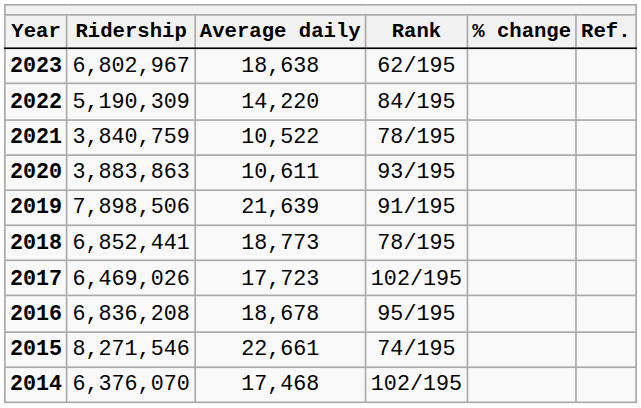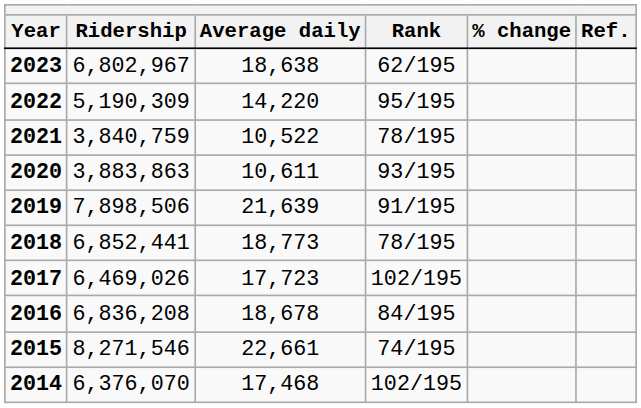 <table class="wikitable sortable" style="text-align:right;">
 <tr>
 <th colspan="6" style="background-color:#"></th>
 </tr>
 <tr style="font-size:95%; text-align:center">
 <th style="border-bottom:1px solid black">Year</th>
 <th style="border-bottom:1px solid black">Ridership</th>
 <th style="border-bottom:1px solid black">Average daily</th>
 <th style="border-bottom:1px solid black">Rank</th>
 <th style="border-bottom:1px solid black">% change</th>
 <th style="border-bottom:1px solid black">Ref.</th>
 </tr>
 <tr style="text-align:center;">
 <td><strong>2023</strong></td>
 <td>6,802,967</td>
 <td>18,638</td>
 <td>62/195</td>
 <td></td>
 <td></td>
 </tr>
 <tr style="text-align:center;">
 <td><strong>2022</strong></td>
 <td>5,190,309</td>
 <td>14,220</td>
-<td>84/195</td>
+<td>95/195</td>
 <td></td>
 <td></td>
 </tr>
 <tr style="text-align:center;">
 <td><strong>2021</strong></td>
 <td>3,840,759</td>
 <td>10,522</td>
 <td>78/195</td>
 <td></td>
 <td></td>
 </tr>
 <tr style="text-align:center;">
 <td><strong>2020</strong></td>
 <td>3,883,863</td>
 <td>10,611</td>
 <td>93/195</td>
 <td></td>
 <td></td>
 </tr>
 <tr style="text-align:center;">
 <td><strong>2019</strong></td>
 <td>7,898,506</td>
 <td>21,639</td>
 <td>91/195</td>
 <td></td>
 <td></td>
 </tr>
 <tr style="text-align:center;">
 <td><strong>2018</strong></td>
 <td>6,852,441</td>
 <td>18,773</td>
 <td>78/195</td>
 <td></td>
 <td></td>
 </tr>
 <tr style="text-align:center;">
 <td><strong>2017</strong></td>
 <td>6,469,026</td>
 <td>17,723</td>
 <td>102/195</td>
 <td></td>
 <td></td>
 </tr>
 <tr style="text-align:center;">
 <td><strong>2016</strong></td>
 <td>6,836,208</td>
 <td>18,678</td>
-<td>95/195</td>
+<td>84/195</td>
 <td></td>
 <td></td>
 </tr>
 <tr style="text-align:center;">
 <td><strong>2015</strong></td>
 <td>8,271,546</td>
 <td>22,661</td>
 <td>74/195</td>
 <td></td>
 <td></td>
 </tr>
 <tr style="text-align:center;">
 <td><strong>2014</strong></td>
 <td>6,376,070</td>
 <td>17,468</td>
 <td>102/195</td>
 <td></td>
 <td></td>
 </tr>
 </table>
